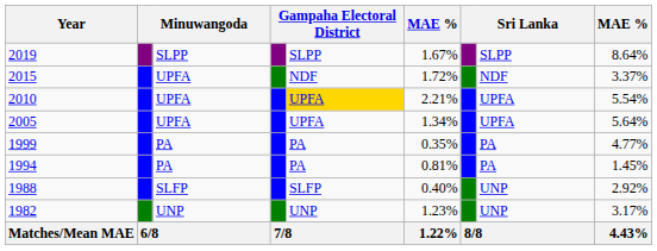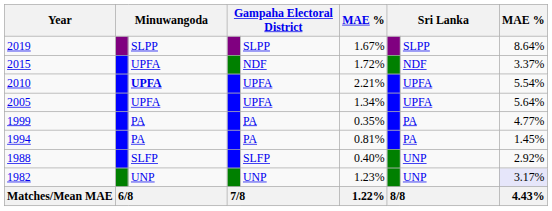 <table class="wikitable">
 <tr>
 <th>Year</th>
 <th colspan="2" width="144px">Minuwangoda</th>
 <th colspan="2" width="144px"><a href='#'>Gampaha Electoral District</a></th>
 <th><a href='#'>MAE</a> %</th>
 <th colspan="2" width="144px">Sri Lanka</th>
 <th>MAE %</th>
 </tr>
 <tr>
 <td><a href='#'>2019</a></td>
 <td style="background-color:purple;" width="10px"></td>
 <td style="text-align:left;"><a href='#'>SLPP</a></td>
 <td style="background-color:purple;" width="10px"></td>
 <td style="text-align:left;"><a href='#'>SLPP</a></td>
 <td style="text-align:right;">1.67%</td>
 <td style="background-color:purple;" width="10px"></td>
 <td style="text-align:left;"><a href='#'>SLPP</a></td>
 <td style="text-align:right;">8.64%</td>
 </tr>
 <tr>
 <td><a href='#'>2015</a></td>
 <td style="background-color:blue;" width="10px"></td>
 <td style="text-align:left;"><a href='#'>UPFA</a></td>
 <td style="background-color:green;" width="10px"></td>
 <td style="text-align:left;"><a href='#'>NDF</a></td>
 <td style="text-align:right;">1.72%</td>
 <td style="background-color:green;" width="10px"></td>
 <td style="text-align:left;"><a href='#'>NDF</a></td>
 <td style="text-align:right;">3.37%</td>
 </tr>
 <tr>
 <td><a href='#'>2010</a></td>
 <td style="background-color:blue;" width="10px"></td>
+<td style="text-align:left;"><strong><a href='#'>UPFA</a></strong></td>
+<td style="background-color:blue;" width="10px"></td>
 <td style="text-align:left;"><a href='#'>UPFA</a></td>
-<td style="background-color:blue;" width="10px"></td>
-<td style="background: gold; text-align:left;"><a href='#'>UPFA</a></td>
 <td style="text-align:right;">2.21%</td>
 <td style="background-color:blue;" width="10px"></td>
 <td style="text-align:left;"><a href='#'>UPFA</a></td>
 <td style="text-align:right;">5.54%</td>
 </tr>
 <tr>
 <td><a href='#'>2005</a></td>
 <td style="background-color:blue;" width="10px"></td>
 <td style="text-align:left;"><a href='#'>UPFA</a></td>
 <td style="background-color:blue;" width="10px"></td>
 <td style="text-align:left;"><a href='#'>UPFA</a></td>
 <td style="text-align:right;">1.34%</td>
 <td style="background-color:blue;" width="10px"></td>
 <td style="text-align:left;"><a href='#'>UPFA</a></td>
 <td style="text-align:right;">5.64%</td>
 </tr>
 <tr>
 <td><a href='#'>1999</a></td>
 <td style="background-color:blue;" width="10px"></td>
 <td style="text-align:left;"><a href='#'>PA</a></td>
 <td style="background-color:blue;" width="10px"></td>
 <td style="text-align:left;"><a href='#'>PA</a></td>
 <td style="text-align:right;">0.35%</td>
 <td style="background-color:blue;" width="10px"></td>
 <td style="text-align:left;"><a href='#'>PA</a></td>
 <td style="text-align:right;">4.77%</td>
 </tr>
 <tr>
 <td><a href='#'>1994</a></td>
 <td style="background-color:blue;" width="10px"></td>
 <td style="text-align:left;"><a href='#'>PA</a></td>
 <td style="background-color:blue;" width="10px"></td>
 <td style="text-align:left;"><a href='#'>PA</a></td>
 <td style="text-align:right;">0.81%</td>
 <td style="background-color:blue;" width="10px"></td>
 <td style="text-align:left;"><a href='#'>PA</a></td>
 <td style="text-align:right;">1.45%</td>
 </tr>
 <tr>
 <td><a href='#'>1988</a></td>
 <td style="background-color:blue;" width="10px"></td>
 <td style="text-align:left;"><a href='#'>SLFP</a></td>
 <td style="background-color:blue;" width="10px"></td>
 <td style="text-align:left;"><a href='#'>SLFP</a></td>
 <td style="text-align:right;">0.40%</td>
 <td style="background-color:green;" width="10px"></td>
 <td style="text-align:left;"><a href='#'>UNP</a></td>
 <td style="text-align:right;">2.92%</td>
 </tr>
 <tr>
 <td><a href='#'>1982</a></td>
 <td style="background-color:green;" width="10px"></td>
 <td style="text-align:left;"><a href='#'>UNP</a></td>
 <td style="background-color:green;" width="10px"></td>
 <td style="text-align:left;"><a href='#'>UNP</a></td>
 <td style="text-align:right;">1.23%</td>
 <td style="background-color:green;" width="10px"></td>
 <td style="text-align:left;"><a href='#'>UNP</a></td>
-<td style="text-align:right;">3.17%</td>
+<td style="background: lavender; text-align:right;">3.17%</td>
 </tr>
 <tr>
 <th>Matches/Mean MAE</th>
 <th style="text-align:left;"colspan="2" width="144px">6/8</th>
 <th style="text-align:left;"colspan="2" width="144px">7/8</th>
 <th style="text-align:right;">1.22%</th>
 <th style="text-align:left;"colspan="2" width="144px">8/8</th>
 <th style="text-align:right;">4.43%</th>
 </tr>
 </table>
